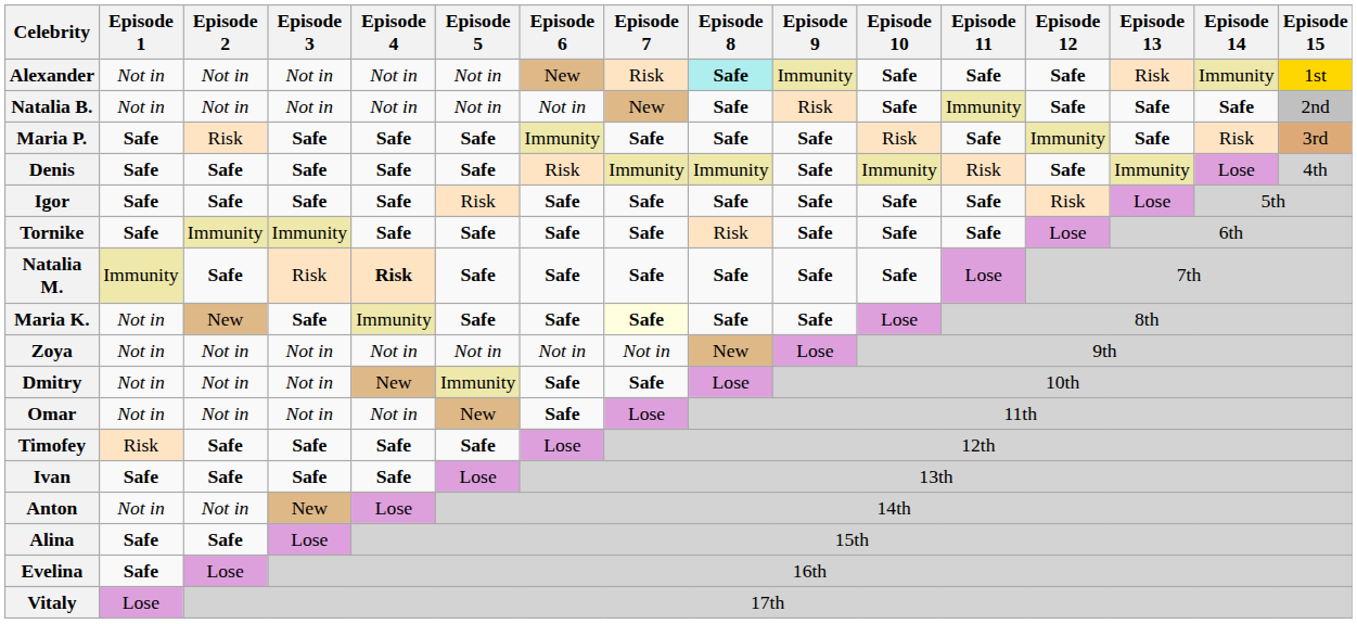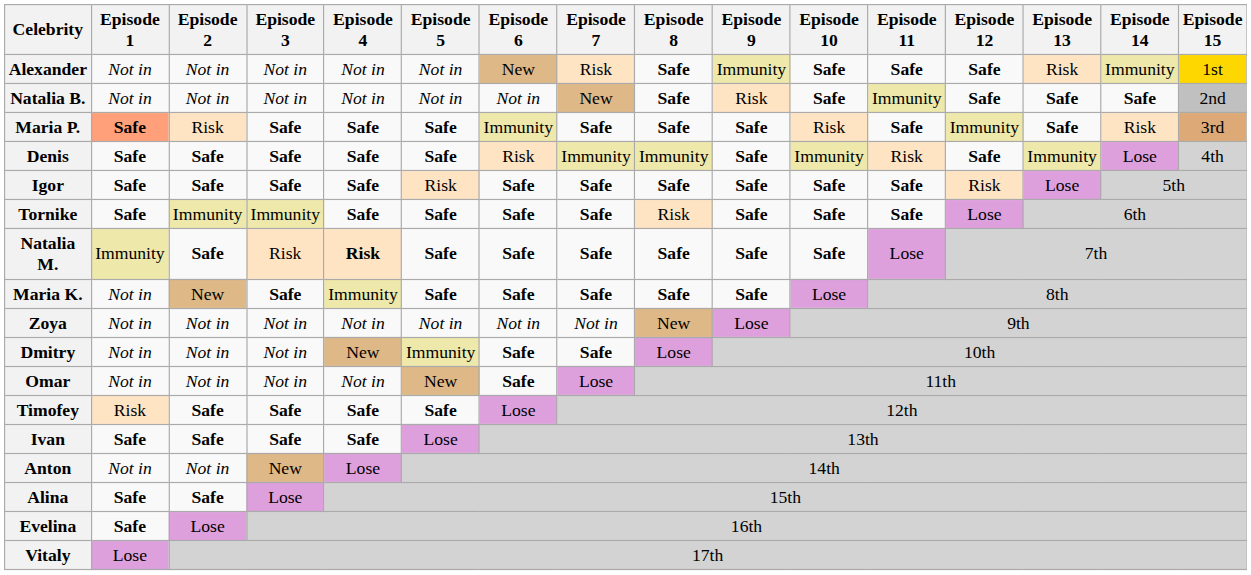 <table class="wikitable" style="text-align:center; font-size:95%; width:100%;">
 <tr>
 <th style="width:6%">Celebrity</th>
 <th style="width:6%">Episode 1</th>
 <th style="width:6%">Episode 2</th>
 <th style="width:6%">Episode 3</th>
 <th style="width:6%">Episode 4</th>
 <th style="width:6%">Episode 5</th>
 <th style="width:6%">Episode 6</th>
 <th style="width:6%">Episode 7</th>
 <th style="width:6%">Episode 8</th>
 <th style="width:6%">Episode 9</th>
 <th style="width:6%">Episode 10</th>
 <th style="width:6%">Episode 11</th>
 <th style="width:6%">Episode 12</th>
 <th style="width:6%">Episode 13</th>
 <th style="width:6%">Episode 14</th>
 <th style="width:6%">Episode 15</th>
 </tr>
 <tr>
 <th>Alexander</th>
 <td><em>Not in</em></td>
 <td><em>Not in</em></td>
 <td><em>Not in</em></td>
 <td><em>Not in</em></td>
 <td><em>Not in</em></td>
 <td style="background:#DEB887">New</td>
 <td style="background:#FFE4C4">Risk</td>
-<td style="background: paleturquoise;"><strong>Safe</strong></td>
+<td><strong>Safe</strong></td>
 <td style="background:#EEE8AA">Immunity</td>
 <td><strong>Safe</strong></td>
 <td><strong>Safe</strong></td>
 <td><strong>Safe</strong></td>
 <td style="background:#FFE4C4">Risk</td>
 <td style="background:#EEE8AA">Immunity</td>
 <td style="background:gold">1st</td>
 </tr>
 <tr>
 <th>Natalia B.</th>
 <td><em>Not in</em></td>
 <td><em>Not in</em></td>
 <td><em>Not in</em></td>
 <td><em>Not in</em></td>
 <td><em>Not in</em></td>
 <td><em>Not in</em></td>
 <td style="background:#DEB887">New</td>
 <td><strong>Safe</strong></td>
 <td style="background:#FFE4C4">Risk</td>
 <td><strong>Safe</strong></td>
 <td style="background:#EEE8AA">Immunity</td>
 <td><strong>Safe</strong></td>
 <td><strong>Safe</strong></td>
 <td><strong>Safe</strong></td>
 <td style="background:silver">2nd</td>
 </tr>
 <tr>
 <th>Maria P.</th>
-<td><strong>Safe</strong></td>
+<td style="background: lightsalmon;"><strong>Safe</strong></td>
 <td style="background:#FFE4C4">Risk</td>
 <td><strong>Safe</strong></td>
 <td><strong>Safe</strong></td>
 <td><strong>Safe</strong></td>
 <td style="background:#EEE8AA">Immunity</td>
 <td><strong>Safe</strong></td>
 <td><strong>Safe</strong></td>
 <td><strong>Safe</strong></td>
 <td style="background:#FFE4C4">Risk</td>
 <td><strong>Safe</strong></td>
 <td style="background:#EEE8AA">Immunity</td>
 <td><strong>Safe</strong></td>
 <td style="background:#FFE4C4">Risk</td>
 <td style="background:#da7">3rd</td>
 </tr>
 <tr>
 <th>Denis</th>
 <td><strong>Safe</strong></td>
 <td><strong>Safe</strong></td>
 <td><strong>Safe</strong></td>
 <td><strong>Safe</strong></td>
 <td><strong>Safe</strong></td>
 <td style="background:#FFE4C4">Risk</td>
 <td style="background:#EEE8AA">Immunity</td>
 <td style="background:#EEE8AA">Immunity</td>
 <td><strong>Safe</strong></td>
 <td style="background:#EEE8AA">Immunity</td>
 <td style="background:#FFE4C4">Risk</td>
 <td><strong>Safe</strong></td>
 <td style="background:#EEE8AA">Immunity</td>
 <td style="background:#DDA0DD">Lose</td>
 <td style="background:lightgrey" colspan=1>4th</td>
 </tr>
 <tr>
 <th>Igor</th>
 <td><strong>Safe</strong></td>
 <td><strong>Safe</strong></td>
 <td><strong>Safe</strong></td>
 <td><strong>Safe</strong></td>
 <td style="background:#FFE4C4">Risk</td>
 <td><strong>Safe</strong></td>
 <td><strong>Safe</strong></td>
 <td><strong>Safe</strong></td>
 <td><strong>Safe</strong></td>
 <td><strong>Safe</strong></td>
 <td><strong>Safe</strong></td>
 <td style="background:#FFE4C4">Risk</td>
 <td style="background:#DDA0DD">Lose</td>
 <td style="background:lightgrey" colspan=2>5th</td>
 </tr>
 <tr>
 <th>Tornike</th>
 <td><strong>Safe</strong></td>
 <td style="background:#EEE8AA">Immunity</td>
 <td style="background:#EEE8AA">Immunity</td>
 <td><strong>Safe</strong></td>
 <td><strong>Safe</strong></td>
 <td><strong>Safe</strong></td>
 <td><strong>Safe</strong></td>
 <td style="background:#FFE4C4">Risk</td>
 <td><strong>Safe</strong></td>
 <td><strong>Safe</strong></td>
 <td><strong>Safe</strong></td>
 <td style="background:#DDA0DD">Lose</td>
 <td style="background:lightgrey" colspan=3>6th</td>
 </tr>
 <tr>
 <th>Natalia M.</th>
 <td style="background:#EEE8AA">Immunity</td>
 <td><strong>Safe</strong></td>
 <td style="background:#FFE4C4">Risk</td>
 <td style="background:#FFE4C4"><strong>Risk</strong></td>
 <td><strong>Safe</strong></td>
 <td><strong>Safe</strong></td>
 <td><strong>Safe</strong></td>
 <td><strong>Safe</strong></td>
 <td><strong>Safe</strong></td>
 <td><strong>Safe</strong></td>
 <td style="background:#DDA0DD">Lose</td>
 <td style="background:lightgrey" colspan=4>7th</td>
 </tr>
 <tr>
 <th>Maria K.</th>
 <td><em>Not in</em></td>
 <td style="background:#DEB887">New</td>
 <td><strong>Safe</strong></td>
 <td style="background:#EEE8AA">Immunity</td>
 <td><strong>Safe</strong></td>
 <td><strong>Safe</strong></td>
-<td style="background: lightyellow;"><strong>Safe</strong></td>
+<td><strong>Safe</strong></td>
 <td><strong>Safe</strong></td>
 <td><strong>Safe</strong></td>
 <td style="background:#DDA0DD">Lose</td>
 <td style="background:lightgrey" colspan=5>8th</td>
 </tr>
 <tr>
 <th>Zoya</th>
 <td><em>Not in</em></td>
 <td><em>Not in</em></td>
 <td><em>Not in</em></td>
 <td><em>Not in</em></td>
 <td><em>Not in</em></td>
 <td><em>Not in</em></td>
 <td><em>Not in</em></td>
 <td style="background:#DEB887">New</td>
 <td style="background:#DDA0DD">Lose</td>
 <td style="background:lightgrey" colspan=6>9th</td>
 </tr>
 <tr>
 <th>Dmitry</th>
 <td><em>Not in</em></td>
 <td><em>Not in</em></td>
 <td><em>Not in</em></td>
 <td style="background:#DEB887">New</td>
 <td style="background:#EEE8AA">Immunity</td>
 <td><strong>Safe</strong></td>
 <td><strong>Safe</strong></td>
 <td style="background:#DDA0DD">Lose</td>
 <td style="background:lightgrey" colspan=7>10th</td>
 </tr>
 <tr>
 <th>Omar</th>
 <td><em>Not in</em></td>
 <td><em>Not in</em></td>
 <td><em>Not in</em></td>
 <td><em>Not in</em></td>
 <td style="background:#DEB887">New</td>
 <td><strong>Safe</strong></td>
 <td style="background:#DDA0DD">Lose</td>
 <td style="background:lightgrey" colspan=8>11th</td>
 </tr>
 <tr>
 <th>Timofey</th>
 <td style="background:#FFE4C4">Risk</td>
 <td><strong>Safe</strong></td>
 <td><strong>Safe</strong></td>
 <td><strong>Safe</strong></td>
 <td><strong>Safe</strong></td>
 <td style="background:#DDA0DD">Lose</td>
 <td style="background:lightgrey" colspan=9>12th</td>
 </tr>
 <tr>
 <th>Ivan</th>
 <td><strong>Safe</strong></td>
 <td><strong>Safe</strong></td>
 <td><strong>Safe</strong></td>
 <td><strong>Safe</strong></td>
 <td style="background:#DDA0DD">Lose</td>
 <td style="background:lightgrey" colspan=10>13th</td>
 </tr>
 <tr>
 <th>Anton</th>
 <td><em>Not in</em></td>
 <td><em>Not in</em></td>
 <td style="background:#DEB887">New</td>
 <td style="background:#DDA0DD">Lose</td>
 <td style="background:lightgrey" colspan=11>14th</td>
 </tr>
 <tr>
 <th>Alina</th>
 <td><strong>Safe</strong></td>
 <td><strong>Safe</strong></td>
 <td style="background:#DDA0DD">Lose</td>
 <td style="background:lightgrey" colspan=12>15th</td>
 </tr>
 <tr>
 <th>Evelina</th>
 <td><strong>Safe</strong></td>
 <td style="background:#DDA0DD">Lose</td>
 <td style="background:lightgrey" colspan=13>16th</td>
 </tr>
 <tr>
 <th>Vitaly</th>
 <td style="background:#DDA0DD">Lose</td>
 <td style="background:lightgrey" colspan=14>17th</td>
 </tr>
 </table>
